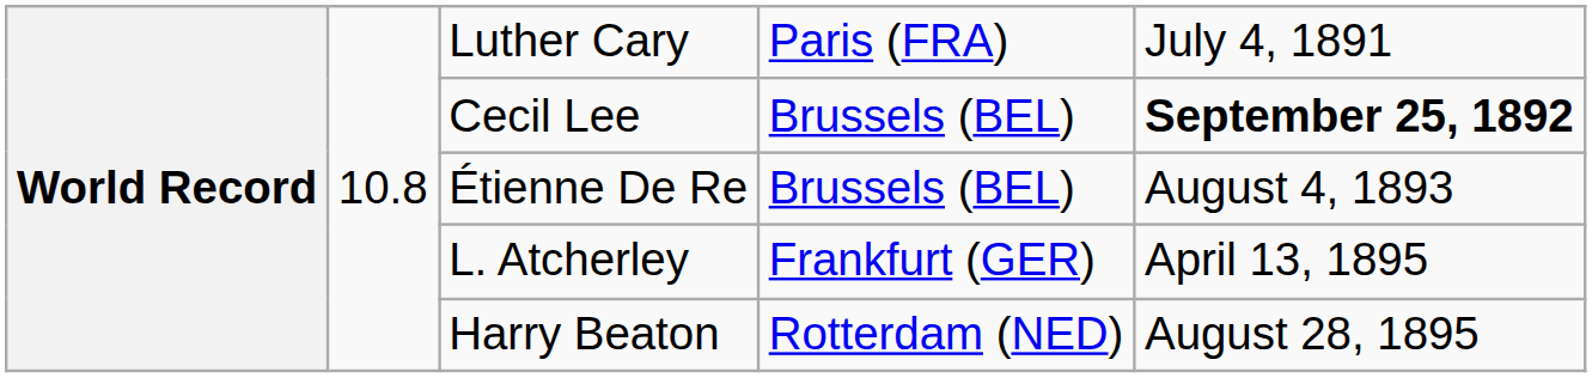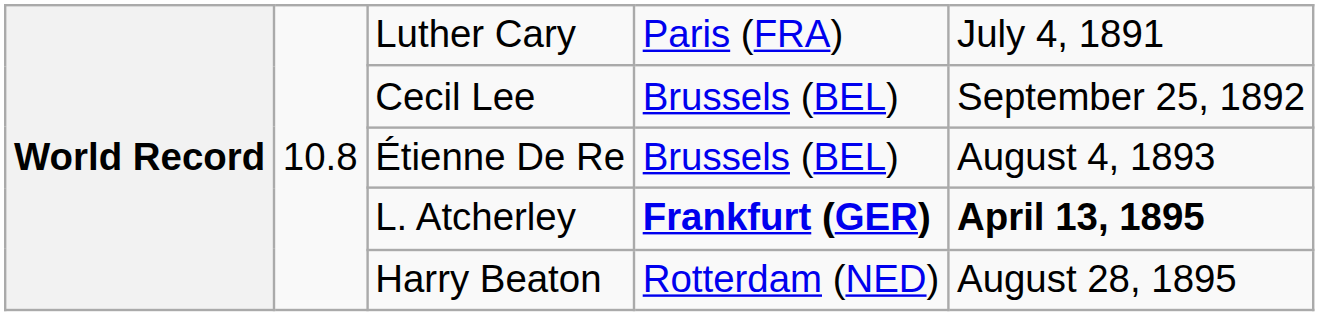 <table class="wikitable">
 <tr>
 <th rowspan="5">World Record</th>
 <td rowspan="5">10.8</td>
 <td> Luther Cary</td>
 <td><a href='#'>Paris</a> (<a href='#'>FRA</a>)</td>
 <td>July 4, 1891</td>
 </tr>
 <tr>
 <td> Cecil Lee</td>
 <td><a href='#'>Brussels</a> (<a href='#'>BEL</a>)</td>
-<td><strong>September 25, 1892</strong></td>
+<td>September 25, 1892</td>
 </tr>
 <tr>
 <td> Étienne De Re</td>
 <td><a href='#'>Brussels</a> (<a href='#'>BEL</a>)</td>
 <td>August 4, 1893</td>
 </tr>
 <tr>
 <td> L. Atcherley</td>
-<td><a href='#'>Frankfurt</a> (<a href='#'>GER</a>)</td>
-<td>April 13, 1895</td>
+<td><strong><a href='#'>Frankfurt</a> (<a href='#'>GER</a>)</strong></td>
+<td><strong>April 13, 1895</strong></td>
 </tr>
 <tr>
 <td> Harry Beaton</td>
 <td><a href='#'>Rotterdam</a> (<a href='#'>NED</a>)</td>
 <td>August 28, 1895</td>
 </tr>
 </table>
